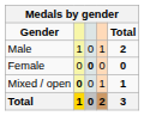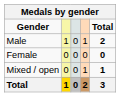 <table class="wikitable" style="text-align:center;font-size:90%">
 <tr style="background:#efefef;">
 <th colspan=7>Medals by gender</th>
 </tr>
 <tr>
 <td><strong>Gender</strong></td>
 <td bgcolor=#f7f6a8></td>
 <td bgcolor=#dce5e5></td>
 <td bgcolor=#ffdab9></td>
 <td><strong>Total</strong></td>
 </tr>
 <tr>
 <td style="text-align:left;">Male</td>
 <td style="background:#F7F6A8;">1</td>
 <td style="background:#DCE5E5;">0</td>
 <td style="background:#FFDAB9;">1</td>
 <td><strong>2</strong></td>
 </tr>
 <tr>
 <td style="text-align:left;">Female</td>
 <td style="background:#F7F6A8;">0</td>
-<td style="background:#DCE5E5;"><strong>0</strong></td>
+<td style="background:#DCE5E5;">0</td>
 <td style="background:#FFDAB9;">0</td>
 <td><strong>0</strong></td>
 </tr>
 <tr>
 <td style="text-align:left;">Mixed / open</td>
-<td style="background:#F7F6A8;"><strong>0</strong></td>
+<td style="background:#F7F6A8;">0</td>
 <td style="background:#DCE5E5;">0</td>
 <td style="background:#FFDAB9;">1</td>
 <td><strong>1</strong></td>
 </tr>
 <tr>
 <th style="text-align:left;">Total</th>
 <th style="background:gold;">1</th>
 <th style="background:silver;">0</th>
 <th style="background:#c96;">2</th>
 <th>3</th>
 </tr>
 </table>
